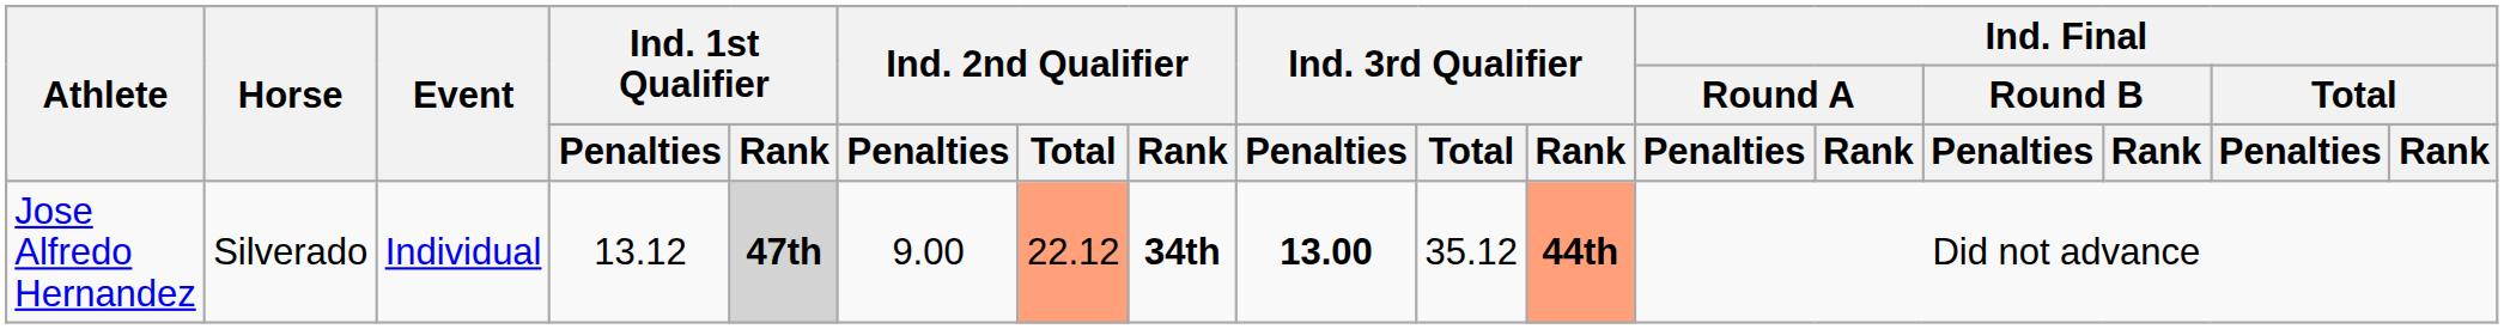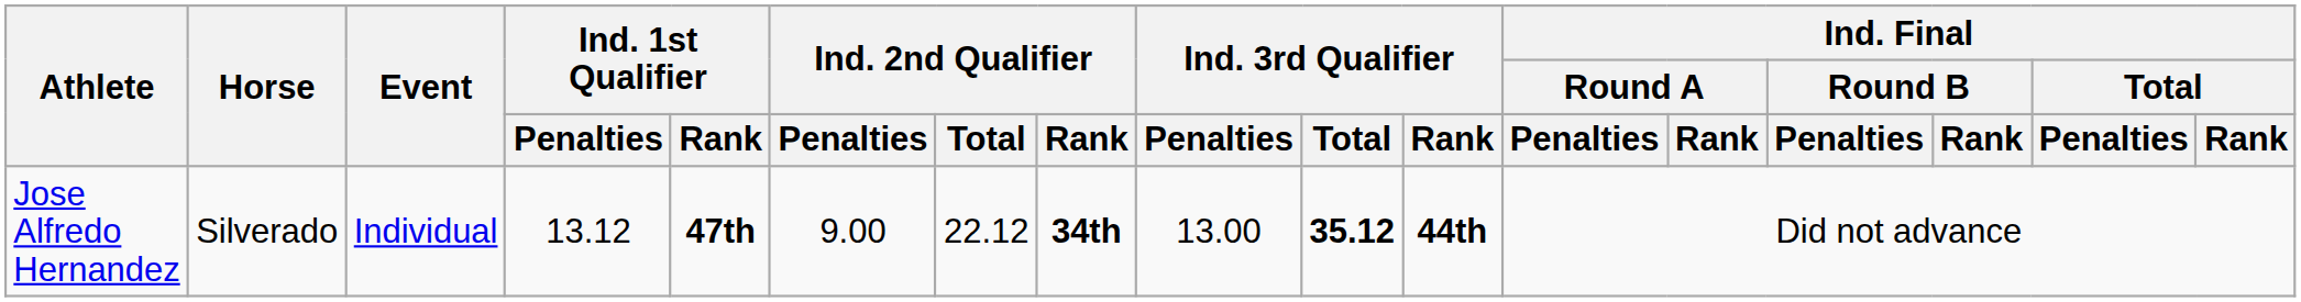 <table class="wikitable" border="1" style="font-size:90%">
 <tr>
 <th rowspan=3>Athlete</th>
 <th rowspan=3>Horse</th>
 <th rowspan=3>Event</th>
 <th colspan=2 rowspan=2>Ind. 1st Qualifier</th>
 <th colspan=3 rowspan=2>Ind. 2nd Qualifier</th>
 <th colspan=3 rowspan=2>Ind. 3rd Qualifier</th>
 <th colspan=6>Ind. Final</th>
 </tr>
 <tr>
 <th colspan=2>Round A</th>
 <th colspan=2>Round B</th>
 <th colspan=2>Total</th>
 </tr>
 <tr>
 <th>Penalties</th>
 <th>Rank</th>
 <th>Penalties</th>
 <th>Total</th>
 <th>Rank</th>
 <th>Penalties</th>
 <th>Total</th>
 <th>Rank</th>
 <th>Penalties</th>
 <th>Rank</th>
 <th>Penalties</th>
 <th>Rank</th>
 <th>Penalties</th>
 <th>Rank</th>
 </tr>
 <tr>
 <td><a href='#'>Jose Alfredo Hernandez</a></td>
 <td>Silverado</td>
 <td><a href='#'>Individual</a></td>
 <td align=center>13.12</td>
-<td align=center style="background: lightgrey;"><strong>47th</strong></td>
+<td align=center><strong>47th</strong></td>
 <td align=center>9.00</td>
-<td align=center style="background: lightsalmon;">22.12</td>
+<td align=center>22.12</td>
 <td align=center><strong>34th</strong></td>
-<td align=center><strong>13.00</strong></td>
-<td align=center>35.12</td>
-<td align=center style="background: lightsalmon;"><strong>44th</strong></td>
+<td align=center>13.00</td>
+<td align=center><strong>35.12</strong></td>
+<td align=center><strong>44th</strong></td>
 <td align=center colspan="10">Did not advance</td>
 </tr>
 </table>
